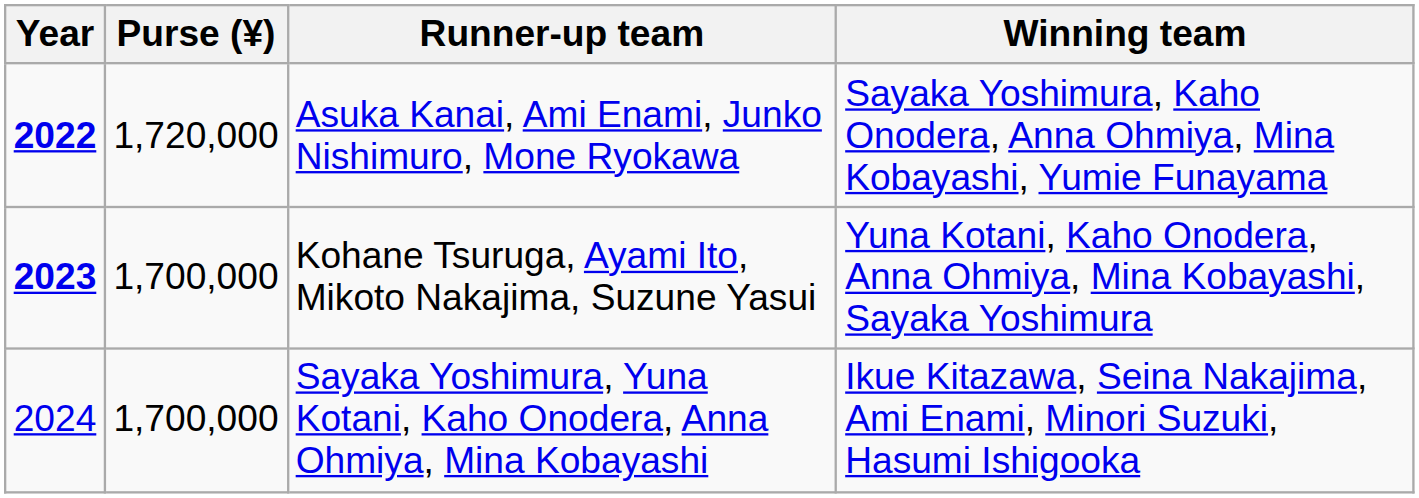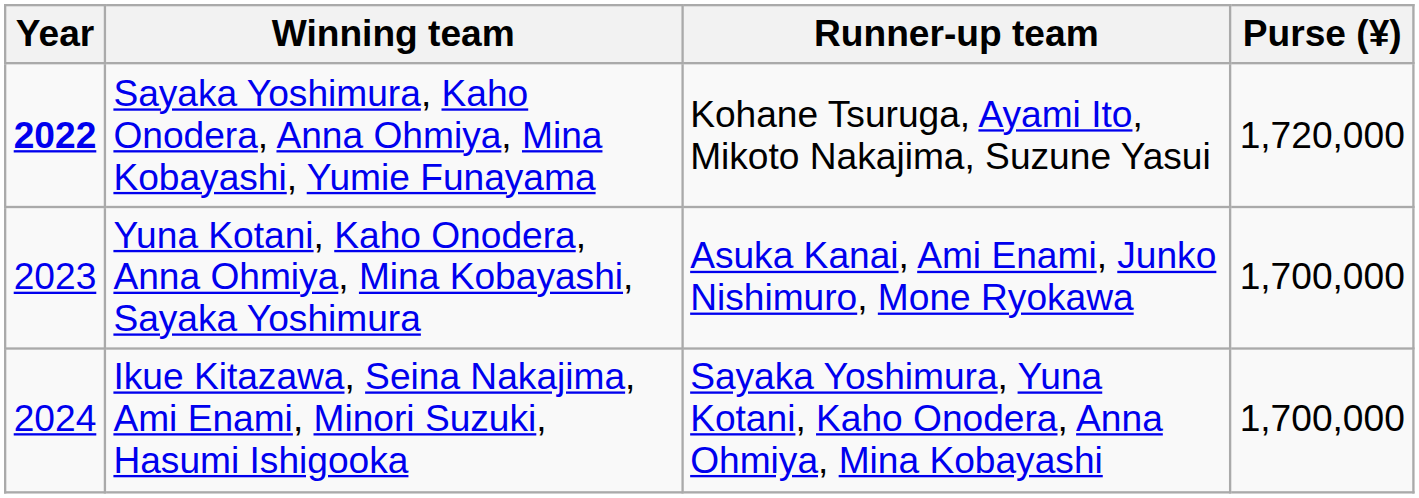 <table class="wikitable">
 <tr>
 <th scope="col">Year</th>
+<th scope="col">Winning team</th>
+<th scope="col">Runner-up team</th>
 <th scope="col">Purse (¥)</th>
-<th scope="col">Runner-up team</th>
-<th scope="col">Winning team</th>
 </tr>
 <tr>
 <td><strong><a href='#'>2022</a></strong></td>
+<td> <a href='#'>Sayaka Yoshimura</a>, <a href='#'>Kaho Onodera</a>, <a href='#'>Anna Ohmiya</a>, <a href='#'>Mina Kobayashi</a>, <a href='#'>Yumie Funayama</a></td>
+<td> Kohane Tsuruga, <a href='#'>Ayami Ito</a>, Mikoto Nakajima, Suzune Yasui</td>
 <td>1,720,000</td>
-<td> <a href='#'>Asuka Kanai</a>, <a href='#'>Ami Enami</a>, <a href='#'>Junko Nishimuro</a>, <a href='#'>Mone Ryokawa</a></td>
-<td> <a href='#'>Sayaka Yoshimura</a>, <a href='#'>Kaho Onodera</a>, <a href='#'>Anna Ohmiya</a>, <a href='#'>Mina Kobayashi</a>, <a href='#'>Yumie Funayama</a></td>
 </tr>
 <tr>
-<td><strong><a href='#'>2023</a></strong></td>
+<td><a href='#'>2023</a></td>
+<td> <a href='#'>Yuna Kotani</a>, <a href='#'>Kaho Onodera</a>, <a href='#'>Anna Ohmiya</a>, <a href='#'>Mina Kobayashi</a>, <a href='#'>Sayaka Yoshimura</a></td>
+<td> <a href='#'>Asuka Kanai</a>, <a href='#'>Ami Enami</a>, <a href='#'>Junko Nishimuro</a>, <a href='#'>Mone Ryokawa</a></td>
 <td>1,700,000</td>
-<td> Kohane Tsuruga, <a href='#'>Ayami Ito</a>, Mikoto Nakajima, Suzune Yasui</td>
-<td> <a href='#'>Yuna Kotani</a>, <a href='#'>Kaho Onodera</a>, <a href='#'>Anna Ohmiya</a>, <a href='#'>Mina Kobayashi</a>, <a href='#'>Sayaka Yoshimura</a></td>
 </tr>
 <tr>
 <td><a href='#'>2024</a></td>
+<td> <a href='#'>Ikue Kitazawa</a>, <a href='#'>Seina Nakajima</a>, <a href='#'>Ami Enami</a>, <a href='#'>Minori Suzuki</a>, <a href='#'>Hasumi Ishigooka</a></td>
+<td> <a href='#'>Sayaka Yoshimura</a>, <a href='#'>Yuna Kotani</a>, <a href='#'>Kaho Onodera</a>, <a href='#'>Anna Ohmiya</a>, <a href='#'>Mina Kobayashi</a></td>
 <td>1,700,000</td>
-<td> <a href='#'>Sayaka Yoshimura</a>, <a href='#'>Yuna Kotani</a>, <a href='#'>Kaho Onodera</a>, <a href='#'>Anna Ohmiya</a>, <a href='#'>Mina Kobayashi</a></td>
-<td> <a href='#'>Ikue Kitazawa</a>, <a href='#'>Seina Nakajima</a>, <a href='#'>Ami Enami</a>, <a href='#'>Minori Suzuki</a>, <a href='#'>Hasumi Ishigooka</a></td>
 </tr>
 </table>
